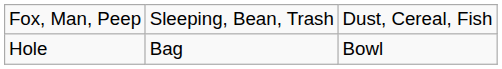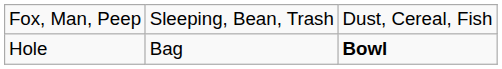 <table class="wikitable mw-collapsible mw-collapsed">
 <tr>
 <td>Fox, Man, Peep</td>
 <td>Sleeping, Bean, Trash</td>
 <td>Dust, Cereal, Fish</td>
 </tr>
 <tr>
 <td>Hole</td>
 <td>Bag</td>
-<td>Bowl</td>
+<td><strong>Bowl</strong></td>
 </tr>
 </table>
